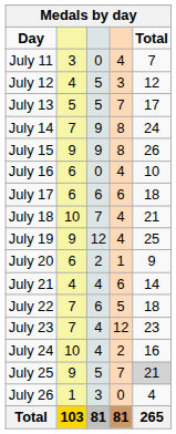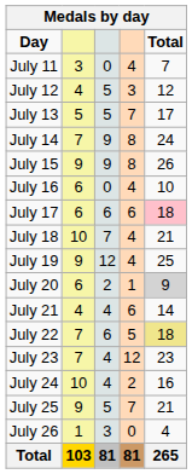 <table class="wikitable" style="font-size:85%; float:right">
 <tr align=center>
 <th colspan=7>Medals by day</th>
 </tr>
 <tr align=center>
 <td><strong>Day</strong></td>
 <td style="background:#f7f6a8;"></td>
 <td style="background:#dce5e5;"></td>
 <td style="background:#ffdab9;"></td>
 <td><strong>Total</strong></td>
 </tr>
 <tr align=center>
 <td>July 11</td>
 <td style="background:#f7f6a8;">3</td>
 <td style="background:#dce5e5;">0</td>
 <td style="background:#ffdab9;">4</td>
 <td>7</td>
 </tr>
 <tr align=center>
 <td>July 12</td>
 <td style="background:#f7f6a8;">4</td>
 <td style="background:#dce5e5;">5</td>
 <td style="background:#ffdab9;">3</td>
 <td>12</td>
 </tr>
 <tr align=center>
 <td>July 13</td>
 <td style="background:#f7f6a8;">5</td>
 <td style="background:#dce5e5;">5</td>
 <td style="background:#ffdab9;">7</td>
 <td>17</td>
 </tr>
 <tr align=center>
 <td>July 14</td>
 <td style="background:#f7f6a8;">7</td>
 <td style="background:#dce5e5;">9</td>
 <td style="background:#ffdab9;">8</td>
 <td>24</td>
 </tr>
 <tr align=center>
 <td>July 15</td>
 <td style="background:#f7f6a8;">9</td>
 <td style="background:#dce5e5;">9</td>
 <td style="background:#ffdab9;">8</td>
 <td>26</td>
 </tr>
 <tr align=center>
 <td>July 16</td>
 <td style="background:#f7f6a8;">6</td>
 <td style="background:#dce5e5;">0</td>
 <td style="background:#ffdab9;">4</td>
 <td>10</td>
 </tr>
 <tr align=center>
 <td>July 17</td>
 <td style="background:#f7f6a8;">6</td>
 <td style="background:#dce5e5;">6</td>
 <td style="background:#ffdab9;">6</td>
-<td>18</td>
+<td style="background: pink;">18</td>
 </tr>
 <tr align=center>
 <td>July 18</td>
 <td style="background:#f7f6a8;">10</td>
 <td style="background:#dce5e5;">7</td>
 <td style="background:#ffdab9;">4</td>
 <td>21</td>
 </tr>
 <tr align=center>
 <td>July 19</td>
 <td style="background:#f7f6a8;">9</td>
 <td style="background:#dce5e5;">12</td>
 <td style="background:#ffdab9;">4</td>
 <td>25</td>
 </tr>
 <tr align=center>
 <td>July 20</td>
 <td style="background:#f7f6a8;">6</td>
 <td style="background:#dce5e5;">2</td>
 <td style="background:#ffdab9;">1</td>
-<td>9</td>
+<td style="background: lightgrey;">9</td>
 </tr>
 <tr align=center>
 <td>July 21</td>
 <td style="background:#f7f6a8;">4</td>
 <td style="background:#dce5e5;">4</td>
 <td style="background:#ffdab9;">6</td>
 <td>14</td>
 </tr>
 <tr align=center>
 <td>July 22</td>
 <td style="background:#f7f6a8;">7</td>
 <td style="background:#dce5e5;">6</td>
 <td style="background:#ffdab9;">5</td>
-<td>18</td>
+<td style="background: khaki;">18</td>
 </tr>
 <tr align=center>
 <td>July 23</td>
 <td style="background:#f7f6a8;">7</td>
 <td style="background:#dce5e5;">4</td>
 <td style="background:#ffdab9;">12</td>
 <td>23</td>
 </tr>
 <tr align=center>
 <td>July 24</td>
 <td style="background:#f7f6a8;">10</td>
 <td style="background:#dce5e5;">4</td>
 <td style="background:#ffdab9;">2</td>
 <td>16</td>
 </tr>
 <tr align=center>
 <td>July 25</td>
 <td style="background:#f7f6a8;">9</td>
 <td style="background:#dce5e5;">5</td>
 <td style="background:#ffdab9;">7</td>
-<td style="background: lightgrey;">21</td>
+<td>21</td>
 </tr>
 <tr align=center>
 <td>July 26</td>
 <td style="background:#f7f6a8;">1</td>
 <td style="background:#dce5e5;">3</td>
 <td style="background:#ffdab9;">0</td>
 <td>4</td>
 </tr>
 <tr align=center>
 <th>Total</th>
 <th style="background:gold;">103</th>
 <th style="background:silver;">81</th>
 <th style="background:#c96;">81</th>
 <th>265</th>
 </tr>
 </table>
